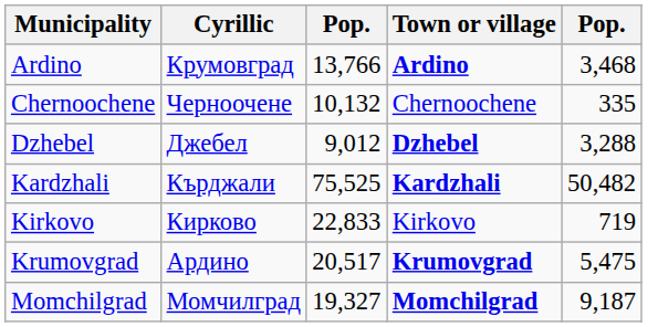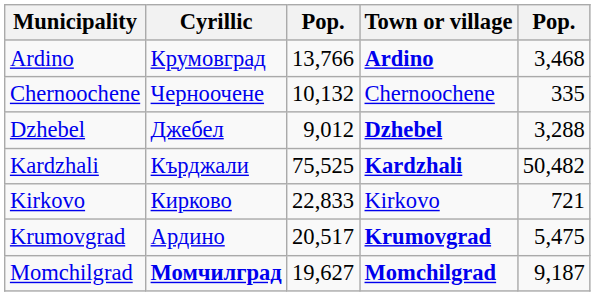 <table class="wikitable sortable">
 <tr>
 <th>Municipality</th>
 <th>Cyrillic</th>
 <th>Pop.</th>
 <th>Town or village</th>
 <th>Pop.</th>
 </tr>
 <tr>
 <td><a href='#'>Ardino</a></td>
 <td><a href='#'>Крумовград</a></td>
 <td align="right">13,766</td>
 <td><strong><a href='#'>Ardino</a></strong></td>
 <td align="right">3,468</td>
 </tr>
 <tr>
 <td><a href='#'>Chernoochene</a></td>
 <td><a href='#'>Черноочене</a></td>
 <td align="right">10,132</td>
 <td><a href='#'>Chernoochene</a></td>
 <td align="right">335</td>
 </tr>
 <tr>
 <td><a href='#'>Dzhebel</a></td>
 <td><a href='#'>Джебел</a></td>
 <td align="right">9,012</td>
 <td><strong><a href='#'>Dzhebel</a></strong></td>
 <td align="right">3,288</td>
 </tr>
 <tr>
 <td><a href='#'>Kardzhali</a></td>
 <td><a href='#'>Кърджали</a></td>
 <td align="right">75,525</td>
 <td><strong><a href='#'>Kardzhali</a></strong></td>
 <td align="right">50,482</td>
 </tr>
 <tr>
 <td><a href='#'>Kirkovo</a></td>
 <td><a href='#'>Кирково</a></td>
 <td align="right">22,833</td>
 <td><a href='#'>Kirkovo</a></td>
-<td align="right">719</td>
+<td align="right">721</td>
 </tr>
 <tr>
 <td><a href='#'>Krumovgrad</a></td>
 <td><a href='#'>Ардино</a></td>
 <td align="right">20,517</td>
 <td><strong><a href='#'>Krumovgrad</a></strong></td>
 <td align="right">5,475</td>
 </tr>
 <tr>
 <td><a href='#'>Momchilgrad</a></td>
-<td><a href='#'>Момчилград</a></td>
-<td align="right">19,327</td>
+<td><strong><a href='#'>Момчилград</a></strong></td>
+<td align="right">19,627</td>
 <td><strong><a href='#'>Momchilgrad</a></strong></td>
 <td align="right">9,187</td>
 </tr>
 </table>
